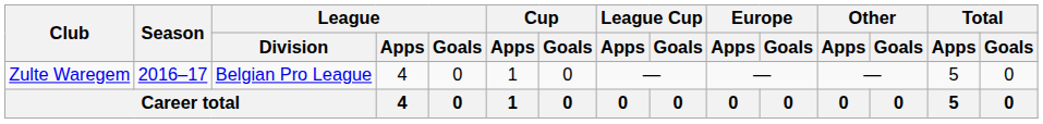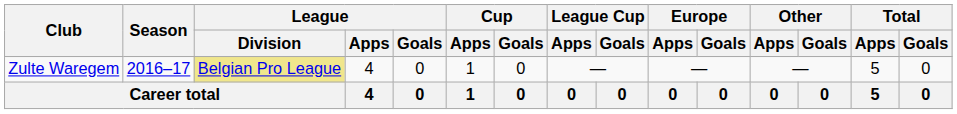 <table class="wikitable" style="font-size:100%; text-align: center;">
 <tr>
 <th rowspan="2">Club</th>
 <th rowspan="2">Season</th>
 <th colspan="3">League</th>
 <th colspan="2">Cup</th>
 <th colspan="2">League Cup</th>
 <th colspan="2">Europe</th>
 <th colspan="2">Other</th>
 <th colspan="2">Total</th>
 </tr>
 <tr>
 <th>Division</th>
 <th>Apps</th>
 <th>Goals</th>
 <th>Apps</th>
 <th>Goals</th>
 <th>Apps</th>
 <th>Goals</th>
 <th>Apps</th>
 <th>Goals</th>
 <th>Apps</th>
 <th>Goals</th>
 <th>Apps</th>
 <th>Goals</th>
 </tr>
 <tr>
 <td rowspan="1" valign="center"><a href='#'>Zulte Waregem</a></td>
 <td><a href='#'>2016–17</a></td>
-<td><a href='#'>Belgian Pro League</a></td>
+<td style="background: khaki;"><a href='#'>Belgian Pro League</a></td>
 <td>4</td>
 <td>0</td>
 <td>1</td>
 <td>0</td>
 <td colspan=2>—</td>
 <td colspan=2>—</td>
 <td colspan=2>—</td>
 <td>5</td>
 <td>0</td>
 </tr>
 <tr>
 <th colspan="3">Career total</th>
 <th>4</th>
 <th>0</th>
 <th>1</th>
 <th>0</th>
 <th>0</th>
 <th>0</th>
 <th>0</th>
 <th>0</th>
 <th>0</th>
 <th>0</th>
 <th>5</th>
 <th>0</th>
 </tr>
 </table>
